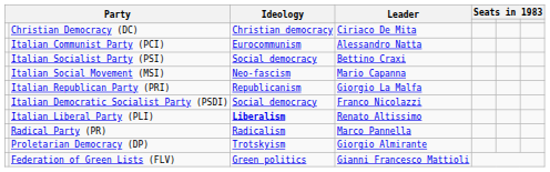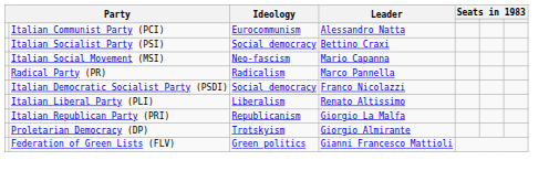 <table class=wikitable style="text-align:left">
 <tr>
 <th colspan=2  rowspan="2">Party</th>
 <th rowspan="2">Ideology</th>
 <th rowspan="2">Leader</th>
 <th colspan="3">Seats in 1983</th>
 </tr>
 <tr>
 <th></th>
 <th></th>
 <th></th>
-</tr>
-<tr>
-<td></td>
-<td><a href='#'>Christian Democracy</a> (DC)</td>
-<td><a href='#'>Christian democracy</a></td>
-<td><a href='#'>Ciriaco De Mita</a></td>
-<td></td>
-<td></td>
-<td></td>
 </tr>
 <tr>
 <td></td>
 <td><a href='#'>Italian Communist Party</a> (PCI)</td>
 <td><a href='#'>Eurocommunism</a></td>
 <td><a href='#'>Alessandro Natta</a></td>
 <td></td>
 <td></td>
 <td></td>
 </tr>
 <tr>
 <td></td>
 <td><a href='#'>Italian Socialist Party</a> (PSI)</td>
 <td><a href='#'>Social democracy</a></td>
 <td><a href='#'>Bettino Craxi</a></td>
 <td></td>
 <td></td>
 <td></td>
 </tr>
 <tr>
 <td></td>
 <td><a href='#'>Italian Social Movement</a> (MSI)</td>
 <td><a href='#'>Neo-fascism</a></td>
 <td><a href='#'>Mario Capanna</a></td>
 <td></td>
 <td></td>
 <td></td>
 </tr>
 <tr>
 <td></td>
-<td><a href='#'>Italian Republican Party</a> (PRI)</td>
-<td><a href='#'>Republicanism</a></td>
-<td><a href='#'>Giorgio La Malfa</a></td>
+<td><a href='#'>Radical Party</a> (PR)</td>
+<td><a href='#'>Radicalism</a></td>
+<td><a href='#'>Marco Pannella</a></td>
 <td></td>
 <td></td>
 <td></td>
 </tr>
 <tr>
 <td></td>
 <td><a href='#'>Italian Democratic Socialist Party</a> (PSDI)</td>
 <td><a href='#'>Social democracy</a></td>
 <td><a href='#'>Franco Nicolazzi</a></td>
 <td></td>
 <td></td>
 <td></td>
 </tr>
 <tr>
 <td></td>
 <td><a href='#'>Italian Liberal Party</a> (PLI)</td>
-<td><strong><a href='#'>Liberalism</a></strong></td>
+<td><a href='#'>Liberalism</a></td>
 <td><a href='#'>Renato Altissimo</a></td>
 <td></td>
 <td></td>
 <td></td>
 </tr>
 <tr>
 <td></td>
-<td><a href='#'>Radical Party</a> (PR)</td>
-<td><a href='#'>Radicalism</a></td>
-<td><a href='#'>Marco Pannella</a></td>
+<td><a href='#'>Italian Republican Party</a> (PRI)</td>
+<td><a href='#'>Republicanism</a></td>
+<td><a href='#'>Giorgio La Malfa</a></td>
 <td></td>
 <td></td>
 <td></td>
 </tr>
 <tr>
 <td></td>
 <td><a href='#'>Proletarian Democracy</a> (DP)</td>
 <td><a href='#'>Trotskyism</a></td>
 <td><a href='#'>Giorgio Almirante</a></td>
 <td></td>
 <td></td>
 <td></td>
 </tr>
 <tr>
 <td></td>
 <td><a href='#'>Federation of Green Lists</a> (FLV)</td>
 <td><a href='#'>Green politics</a></td>
 <td><a href='#'>Gianni Francesco Mattioli</a></td>
 <td colspan=3></td>
 </tr>
 </table>
